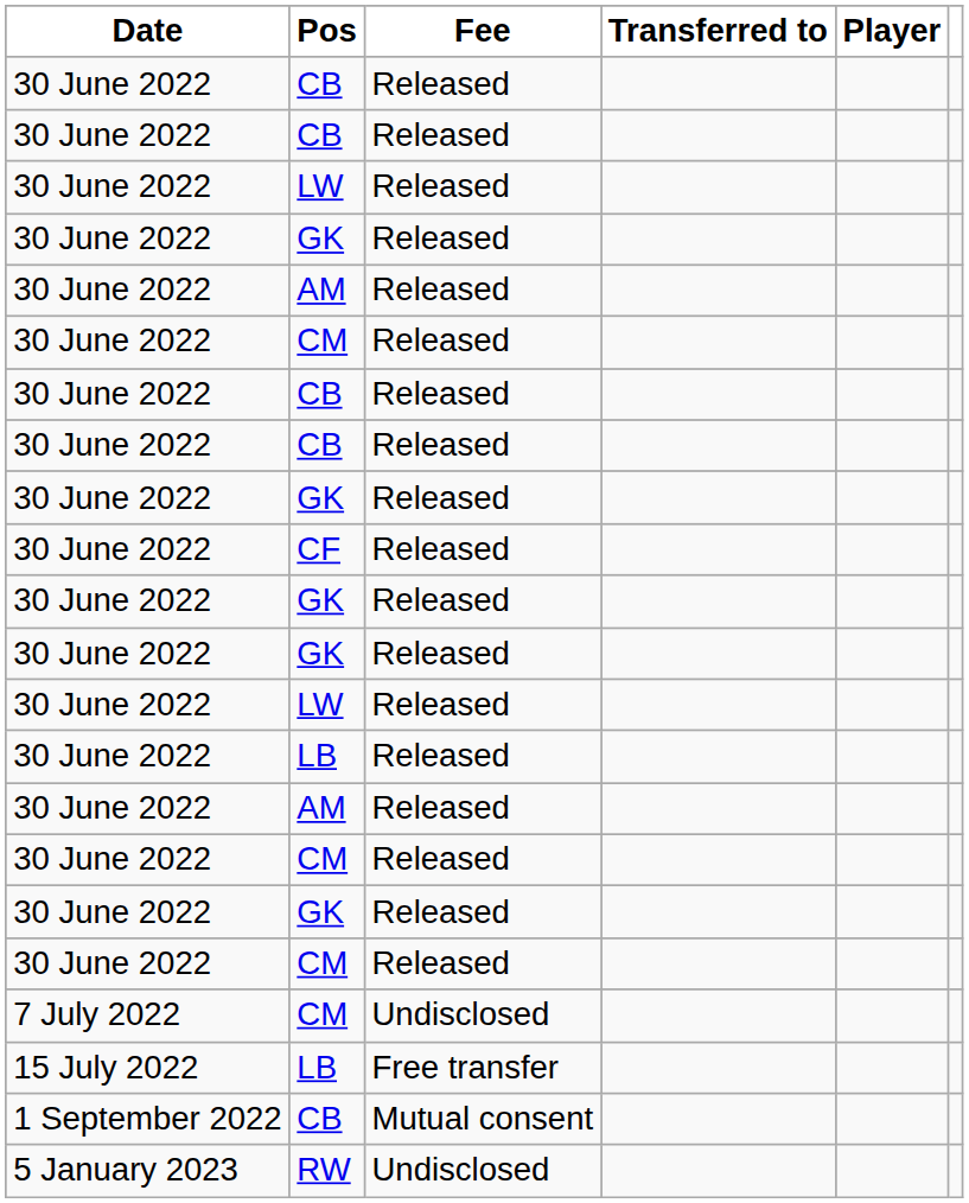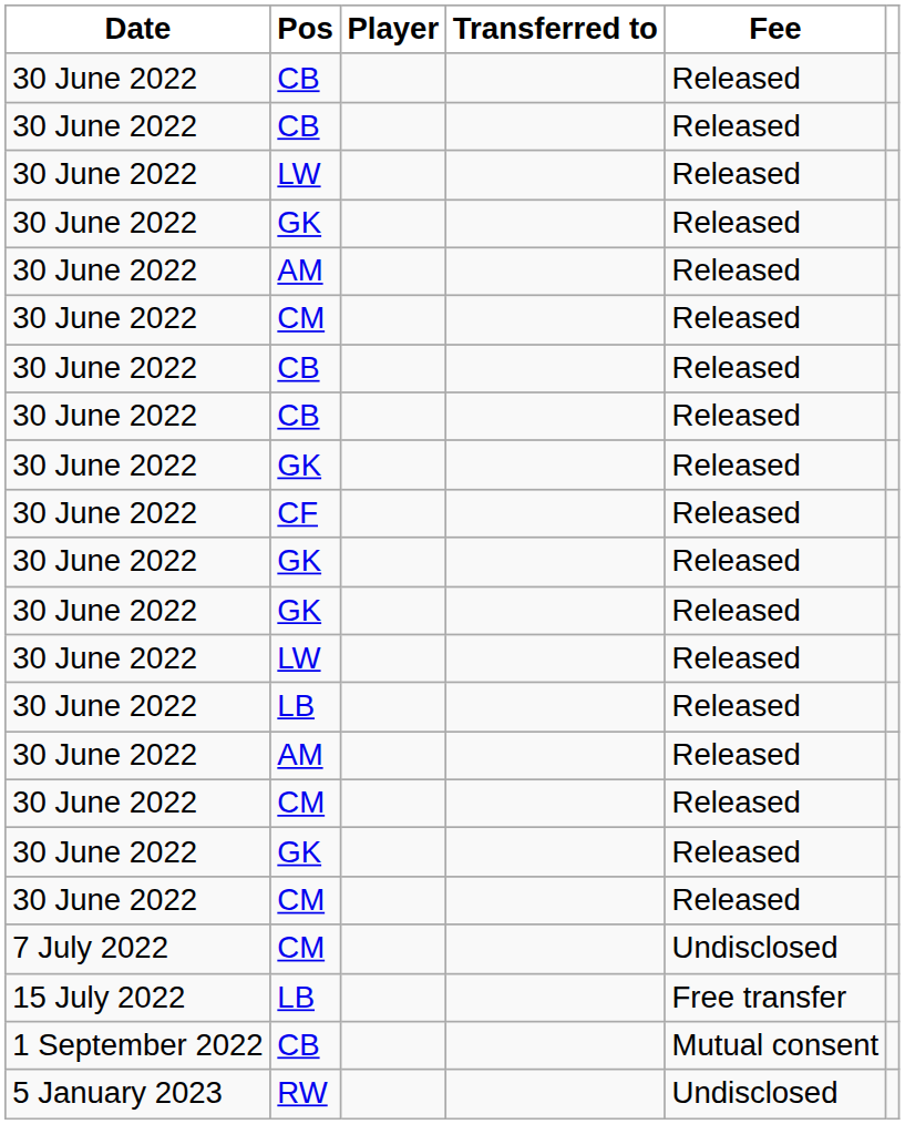 <table class="wikitable plainrowheaders sortable">
 <tr>
 <th style="background-color:#FFFFFF; color:#000000; ">Date</th>
 <th style="background-color:#FFFFFF; color:#000000; ">Pos</th>
+<th style="background-color:#FFFFFF; color:#000000; ">Player</th>
+<th style="background-color:#FFFFFF; color:#000000; ">Transferred to</th>
 <th style="background-color:#FFFFFF; color:#000000; ">Fee</th>
-<th style="background-color:#FFFFFF; color:#000000; ">Transferred to</th>
-<th style="background-color:#FFFFFF; color:#000000; ">Player</th>
 <th style="background-color:#FFFFFF; color:#000000; "></th>
 </tr>
 <tr>
 <td>30 June 2022</td>
 <td><a href='#'>CB</a></td>
-<td>Released</td>
 <td></td>
 <td></td>
+<td>Released</td>
 <td></td>
 </tr>
 <tr>
 <td>30 June 2022</td>
 <td><a href='#'>CB</a></td>
-<td>Released</td>
 <td></td>
 <td></td>
+<td>Released</td>
 <td></td>
 </tr>
 <tr>
 <td>30 June 2022</td>
 <td><a href='#'>LW</a></td>
-<td>Released</td>
 <td></td>
 <td></td>
+<td>Released</td>
 <td></td>
 </tr>
 <tr>
 <td>30 June 2022</td>
 <td><a href='#'>GK</a></td>
-<td>Released</td>
 <td></td>
 <td></td>
+<td>Released</td>
 <td></td>
 </tr>
 <tr>
 <td>30 June 2022</td>
 <td><a href='#'>AM</a></td>
-<td>Released</td>
 <td></td>
 <td></td>
+<td>Released</td>
 <td></td>
 </tr>
 <tr>
 <td>30 June 2022</td>
 <td><a href='#'>CM</a></td>
-<td>Released</td>
 <td></td>
 <td></td>
+<td>Released</td>
 <td></td>
 </tr>
 <tr>
 <td>30 June 2022</td>
 <td><a href='#'>CB</a></td>
-<td>Released</td>
 <td></td>
 <td></td>
+<td>Released</td>
 <td></td>
 </tr>
 <tr>
 <td>30 June 2022</td>
 <td><a href='#'>CB</a></td>
-<td>Released</td>
 <td></td>
 <td></td>
+<td>Released</td>
 <td></td>
 </tr>
 <tr>
 <td>30 June 2022</td>
 <td><a href='#'>GK</a></td>
-<td>Released</td>
 <td></td>
 <td></td>
+<td>Released</td>
 <td></td>
 </tr>
 <tr>
 <td>30 June 2022</td>
 <td><a href='#'>CF</a></td>
-<td>Released</td>
 <td></td>
 <td></td>
+<td>Released</td>
 <td></td>
 </tr>
 <tr>
 <td>30 June 2022</td>
 <td><a href='#'>GK</a></td>
-<td>Released</td>
 <td></td>
 <td></td>
+<td>Released</td>
 <td></td>
 </tr>
 <tr>
 <td>30 June 2022</td>
 <td><a href='#'>GK</a></td>
-<td>Released</td>
 <td></td>
 <td></td>
+<td>Released</td>
 <td></td>
 </tr>
 <tr>
 <td>30 June 2022</td>
 <td><a href='#'>LW</a></td>
-<td>Released</td>
 <td></td>
 <td></td>
+<td>Released</td>
 <td></td>
 </tr>
 <tr>
 <td>30 June 2022</td>
 <td><a href='#'>LB</a></td>
-<td>Released</td>
 <td></td>
 <td></td>
+<td>Released</td>
 <td></td>
 </tr>
 <tr>
 <td>30 June 2022</td>
 <td><a href='#'>AM</a></td>
-<td>Released</td>
 <td></td>
 <td></td>
+<td>Released</td>
 <td></td>
 </tr>
 <tr>
 <td>30 June 2022</td>
 <td><a href='#'>CM</a></td>
-<td>Released</td>
 <td></td>
 <td></td>
+<td>Released</td>
 <td></td>
 </tr>
 <tr>
 <td>30 June 2022</td>
 <td><a href='#'>GK</a></td>
-<td>Released</td>
 <td></td>
 <td></td>
+<td>Released</td>
 <td></td>
 </tr>
 <tr>
 <td>30 June 2022</td>
 <td><a href='#'>CM</a></td>
-<td>Released</td>
 <td></td>
 <td></td>
+<td>Released</td>
 <td></td>
 </tr>
 <tr>
 <td>7 July 2022</td>
 <td><a href='#'>CM</a></td>
-<td>Undisclosed</td>
 <td></td>
 <td></td>
+<td>Undisclosed</td>
 <td></td>
 </tr>
 <tr>
 <td>15 July 2022</td>
 <td><a href='#'>LB</a></td>
-<td>Free transfer</td>
 <td></td>
 <td></td>
+<td>Free transfer</td>
 <td></td>
 </tr>
 <tr>
 <td>1 September 2022</td>
 <td><a href='#'>CB</a></td>
-<td>Mutual consent</td>
 <td></td>
 <td></td>
+<td>Mutual consent</td>
 <td></td>
 </tr>
 <tr>
 <td>5 January 2023</td>
 <td><a href='#'>RW</a></td>
-<td>Undisclosed</td>
 <td></td>
 <td></td>
+<td>Undisclosed</td>
 <td></td>
 </tr>
 </table>
